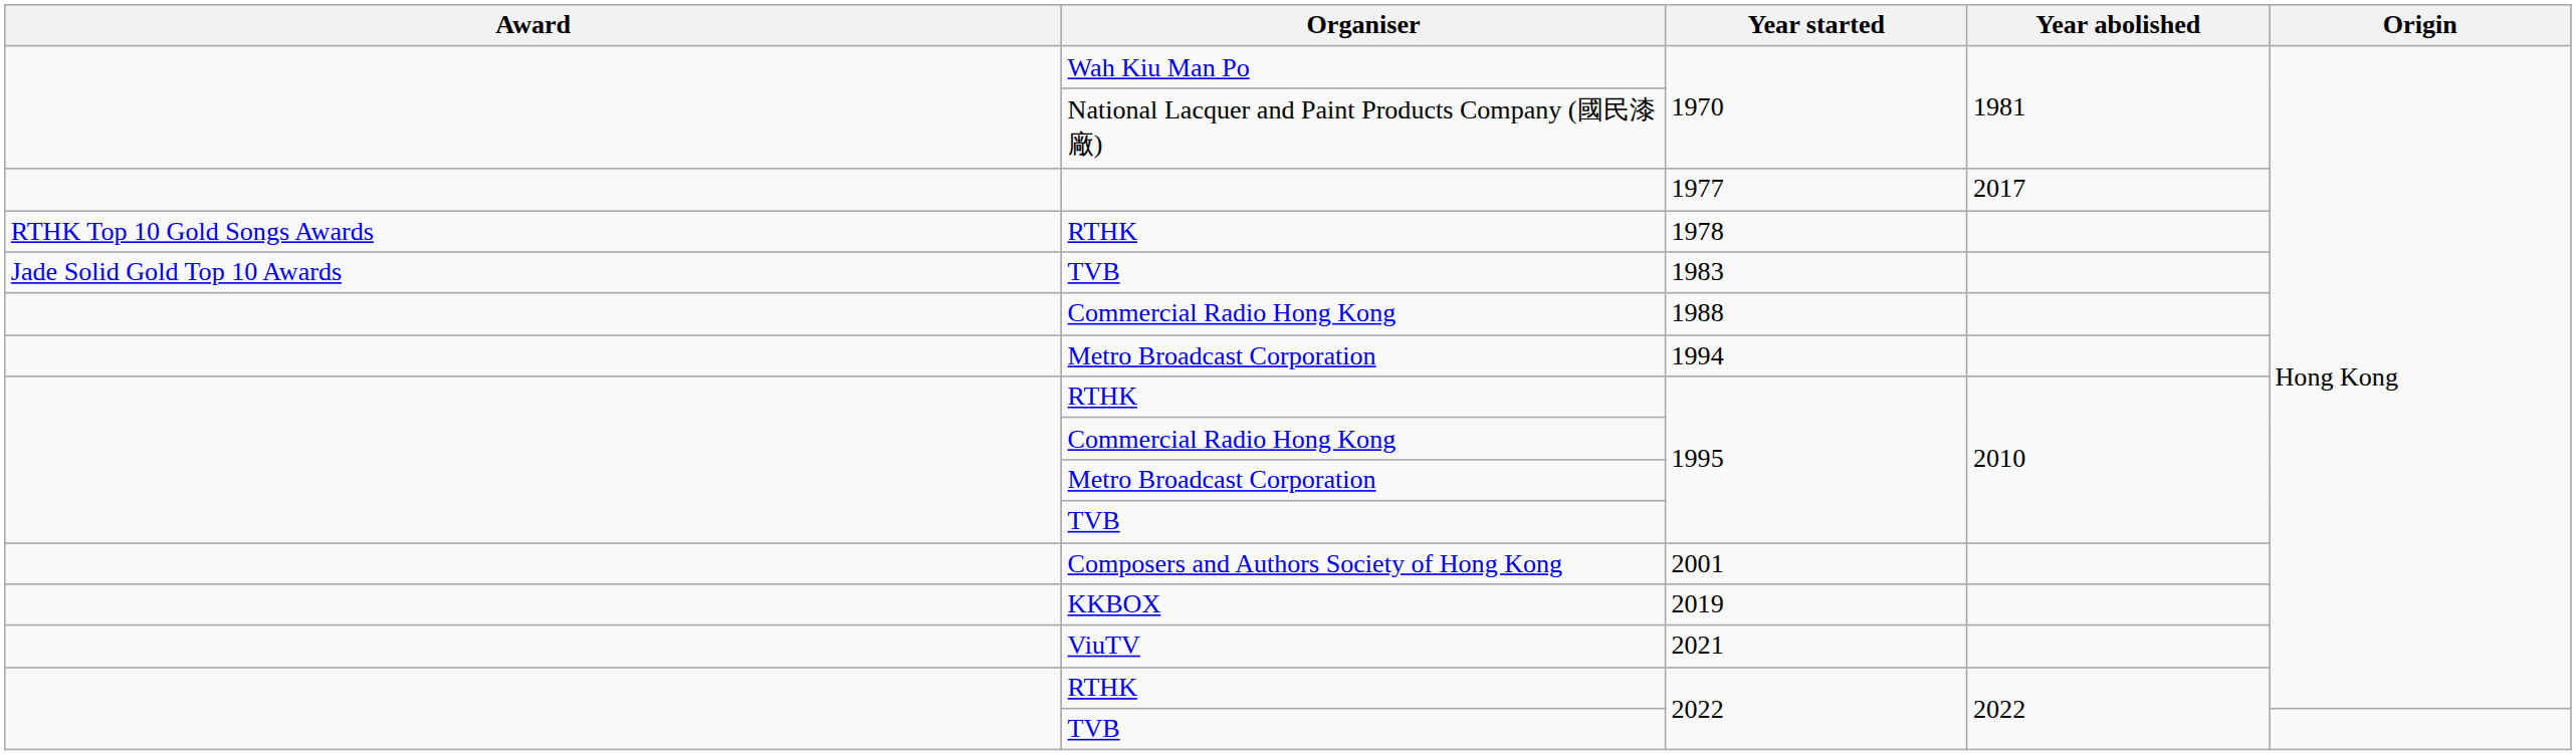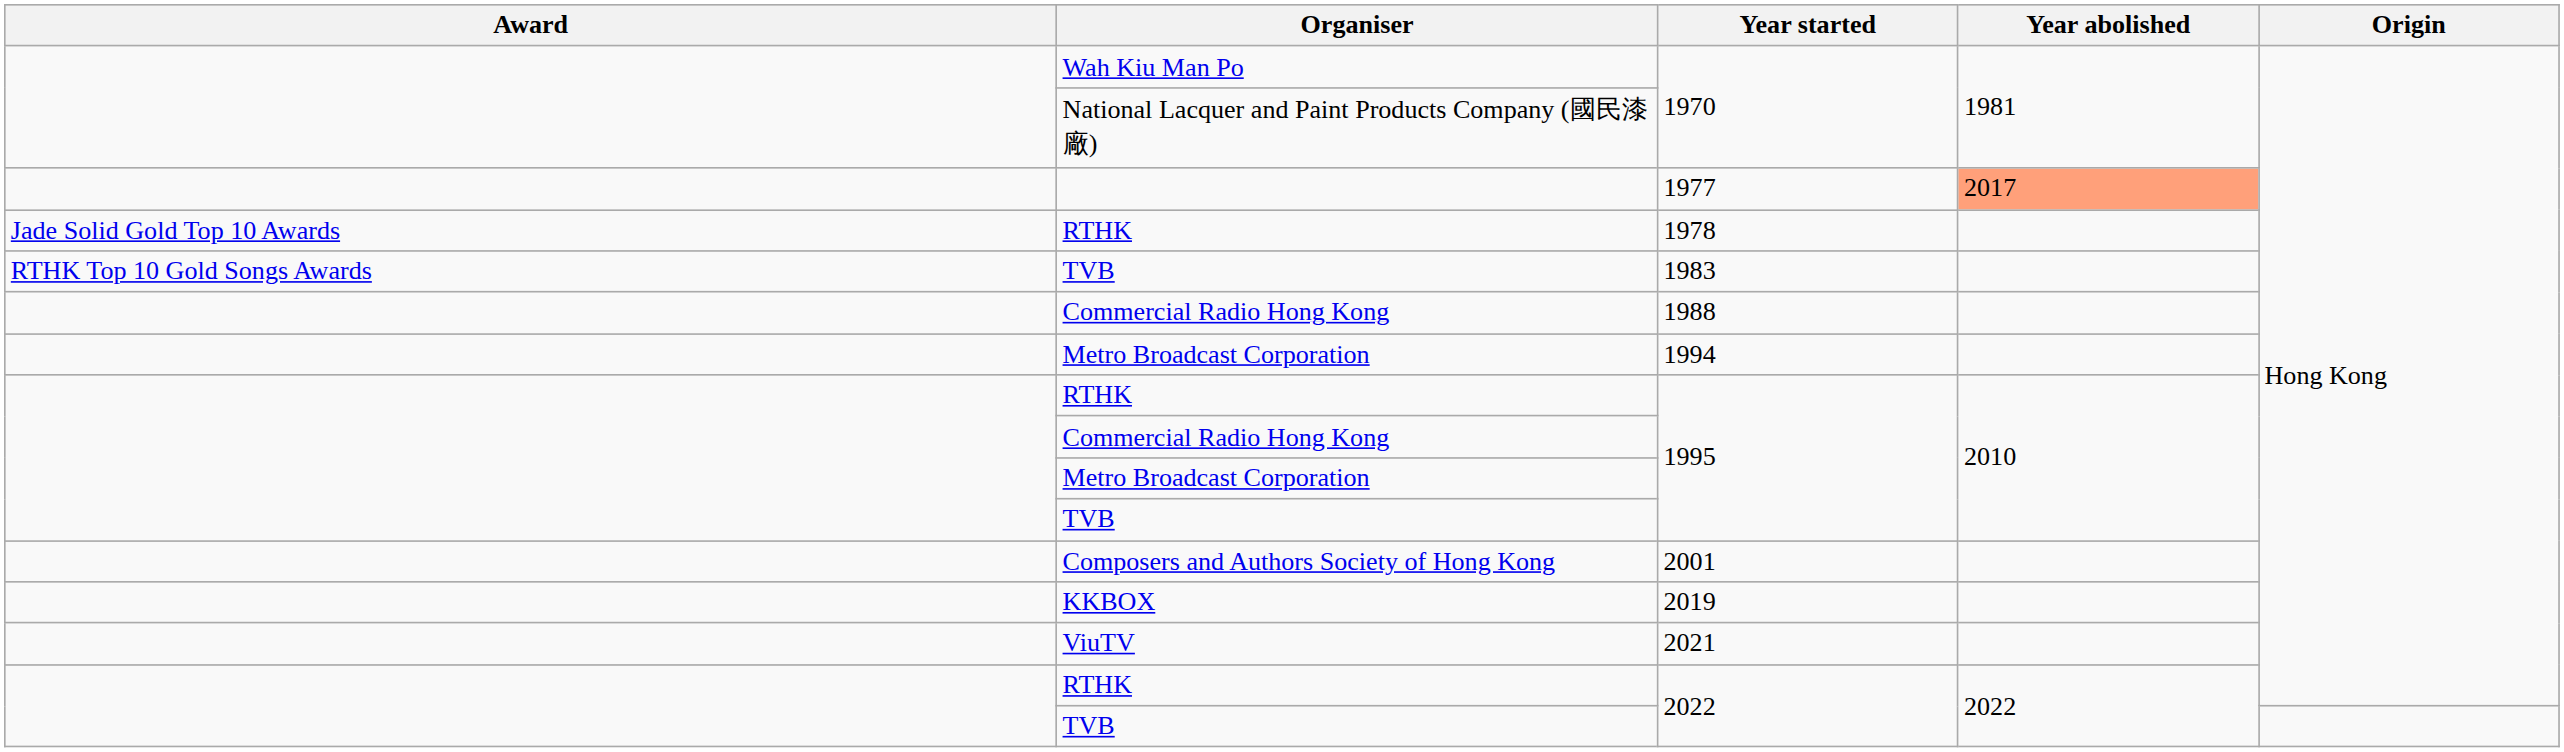 <table class="wikitable">
 <tr>
 <th style="width:35%;">Award</th>
 <th style="width:20%;">Organiser</th>
 <th style="width:10%;">Year started</th>
 <th style="width:10%;">Year abolished</th>
 <th style="width:10%;">Origin</th>
 </tr>
 <tr>
 <td rowspan=2></td>
 <td><a href='#'>Wah Kiu Man Po</a></td>
 <td rowspan=2>1970</td>
 <td rowspan=2>1981</td>
 <td rowspan=15>Hong Kong</td>
 </tr>
 <tr>
 <td>National Lacquer and Paint Products Company (國民漆廠)</td>
 </tr>
 <tr>
 <td></td>
 <td></td>
 <td>1977</td>
-<td>2017</td>
+<td style="background: lightsalmon;">2017</td>
 </tr>
 <tr>
-<td><a href='#'>RTHK Top 10 Gold Songs Awards</a></td>
+<td><a href='#'>Jade Solid Gold Top 10 Awards</a></td>
 <td><a href='#'>RTHK</a></td>
 <td>1978</td>
 <td></td>
 </tr>
 <tr>
-<td><a href='#'>Jade Solid Gold Top 10 Awards</a></td>
+<td><a href='#'>RTHK Top 10 Gold Songs Awards</a></td>
 <td><a href='#'>TVB</a></td>
 <td>1983</td>
 <td></td>
 </tr>
 <tr>
 <td></td>
 <td><a href='#'>Commercial Radio Hong Kong</a></td>
 <td>1988</td>
 <td></td>
 </tr>
 <tr>
 <td></td>
 <td><a href='#'>Metro Broadcast Corporation</a></td>
 <td>1994</td>
 <td></td>
 </tr>
 <tr>
 <td rowspan=4></td>
 <td><a href='#'>RTHK</a></td>
 <td rowspan=4>1995</td>
 <td rowspan=4>2010</td>
 </tr>
 <tr>
 <td><a href='#'>Commercial Radio Hong Kong</a></td>
 </tr>
 <tr>
 <td><a href='#'>Metro Broadcast Corporation</a></td>
 </tr>
 <tr>
 <td><a href='#'>TVB</a></td>
 </tr>
 <tr>
 <td></td>
 <td><a href='#'>Composers and Authors Society of Hong Kong</a></td>
 <td>2001</td>
 <td></td>
 </tr>
 <tr>
 <td></td>
 <td><a href='#'>KKBOX</a></td>
 <td>2019</td>
 <td></td>
 </tr>
 <tr>
 <td></td>
 <td><a href='#'>ViuTV</a></td>
 <td>2021</td>
 <td></td>
 </tr>
 <tr>
 <td rowspan=2></td>
 <td><a href='#'>RTHK</a></td>
 <td rowspan=2>2022</td>
 <td rowspan=2>2022</td>
 </tr>
 <tr>
 <td><a href='#'>TVB</a></td>
 </tr>
 </table>
